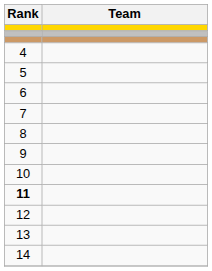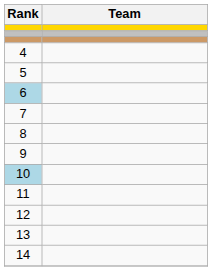 <table class="wikitable">
 <tr>
 <th>Rank</th>
 <th width=200>Team</th>
 </tr>
 <tr bgcolor=gold>
 <td align=center></td>
 <td></td>
 </tr>
 <tr bgcolor=silver>
 <td align=center></td>
 <td></td>
 </tr>
 <tr bgcolor=cc9966>
 <td align=center></td>
 <td></td>
 </tr>
 <tr>
 <td align=center>4</td>
 <td></td>
 </tr>
 <tr>
 <td align=center>5</td>
 <td></td>
 </tr>
 <tr>
-<td align=center>6</td>
+<td align=center style="background: lightblue;">6</td>
 <td></td>
 </tr>
 <tr>
 <td align=center>7</td>
 <td></td>
 </tr>
 <tr>
 <td align=center>8</td>
 <td></td>
 </tr>
 <tr>
 <td align=center>9</td>
 <td></td>
 </tr>
 <tr>
-<td align=center>10</td>
+<td align=center style="background: lightblue;">10</td>
 <td></td>
 </tr>
 <tr>
-<td align=center><strong>11</strong></td>
+<td align=center>11</td>
 <td></td>
 </tr>
 <tr>
 <td align=center>12</td>
 <td></td>
 </tr>
 <tr>
 <td align=center>13</td>
 <td></td>
 </tr>
 <tr>
 <td align=center>14</td>
 <td></td>
 </tr>
 <tr>
 </tr>
 </table>
